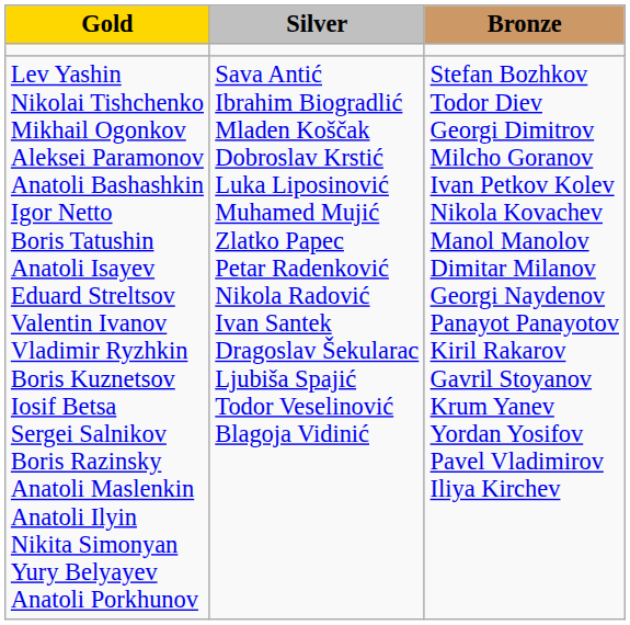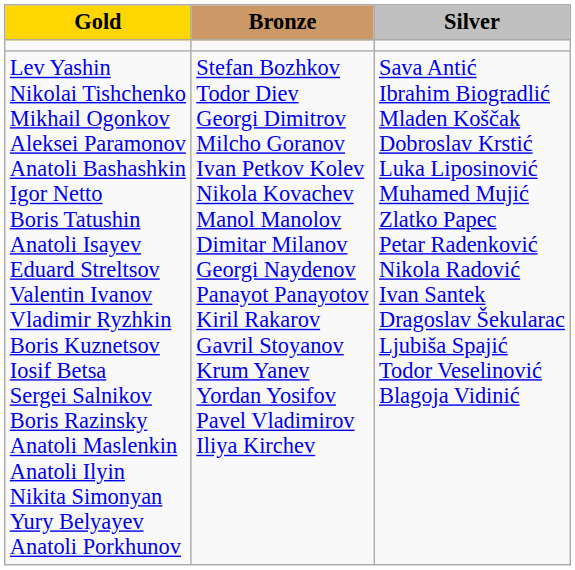 <table class="wikitable">
 <tr style="text-align:center;">
 <th style="background:gold;">Gold</th>
+<th style="background:#c96;">Bronze</th>
 <th style="background:silver;">Silver</th>
-<th style="background:#c96;">Bronze</th>
 </tr>
 <tr>
 <td></td>
 <td></td>
 <td></td>
 </tr>
 <tr>
 <td valign=top><a href='#'>Lev Yashin</a><br><a href='#'>Nikolai Tishchenko</a><br><a href='#'>Mikhail Ogonkov</a><br><a href='#'>Aleksei Paramonov</a><br><a href='#'>Anatoli Bashashkin</a><br><a href='#'>Igor Netto</a><br><a href='#'>Boris Tatushin</a><br><a href='#'>Anatoli Isayev</a><br><a href='#'>Eduard Streltsov</a><br><a href='#'>Valentin Ivanov</a><br><a href='#'>Vladimir Ryzhkin</a><br><a href='#'>Boris Kuznetsov</a><br><a href='#'>Iosif Betsa</a><br><a href='#'>Sergei Salnikov</a><br><a href='#'>Boris Razinsky</a><br><a href='#'>Anatoli Maslenkin</a><br><a href='#'>Anatoli Ilyin</a><br><a href='#'>Nikita Simonyan</a><br><a href='#'>Yury Belyayev</a><br><a href='#'>Anatoli Porkhunov</a></td>
+<td valign=top><a href='#'>Stefan Bozhkov</a><br><a href='#'>Todor Diev</a><br><a href='#'>Georgi Dimitrov</a><br><a href='#'>Milcho Goranov</a><br><a href='#'>Ivan Petkov Kolev</a><br><a href='#'>Nikola Kovachev</a><br><a href='#'>Manol Manolov</a><br><a href='#'>Dimitar Milanov</a><br><a href='#'>Georgi Naydenov</a><br><a href='#'>Panayot Panayotov</a><br><a href='#'>Kiril Rakarov</a><br><a href='#'>Gavril Stoyanov</a><br><a href='#'>Krum Yanev</a><br><a href='#'>Yordan Yosifov</a><br><a href='#'>Pavel Vladimirov</a><br><a href='#'>Iliya Kirchev</a></td>
 <td valign=top><a href='#'>Sava Antić</a><br><a href='#'>Ibrahim Biogradlić</a><br><a href='#'>Mladen Koščak</a><br><a href='#'>Dobroslav Krstić</a><br><a href='#'>Luka Liposinović</a><br><a href='#'>Muhamed Mujić</a><br><a href='#'>Zlatko Papec</a><br><a href='#'>Petar Radenković</a><br><a href='#'>Nikola Radović</a><br><a href='#'>Ivan Santek</a><br><a href='#'>Dragoslav Šekularac</a><br><a href='#'>Ljubiša Spajić</a><br><a href='#'>Todor Veselinović</a><br><a href='#'>Blagoja Vidinić</a></td>
-<td valign=top><a href='#'>Stefan Bozhkov</a><br><a href='#'>Todor Diev</a><br><a href='#'>Georgi Dimitrov</a><br><a href='#'>Milcho Goranov</a><br><a href='#'>Ivan Petkov Kolev</a><br><a href='#'>Nikola Kovachev</a><br><a href='#'>Manol Manolov</a><br><a href='#'>Dimitar Milanov</a><br><a href='#'>Georgi Naydenov</a><br><a href='#'>Panayot Panayotov</a><br><a href='#'>Kiril Rakarov</a><br><a href='#'>Gavril Stoyanov</a><br><a href='#'>Krum Yanev</a><br><a href='#'>Yordan Yosifov</a><br><a href='#'>Pavel Vladimirov</a><br><a href='#'>Iliya Kirchev</a></td>
 </tr>
 </table>
